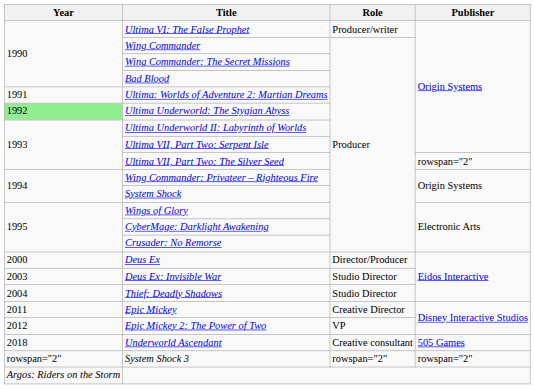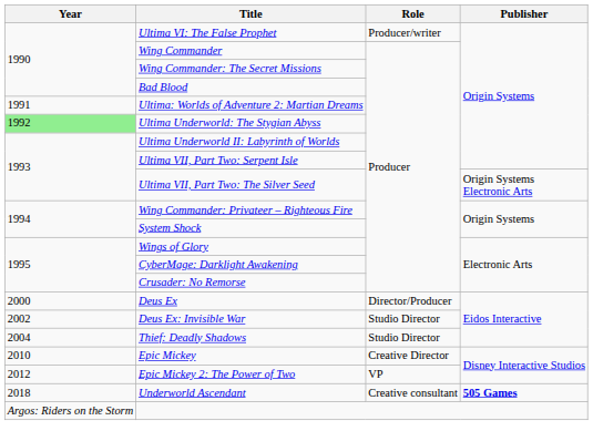 <table class="wikitable">
 <tr>
 <th>Year</th>
 <th>Title</th>
 <th>Role</th>
 <th>Publisher</th>
 </tr>
 <tr>
 <td rowspan="4">1990</td>
 <td><em><a href='#'>Ultima VI: The False Prophet</a></em></td>
 <td>Producer/writer</td>
 <td rowspan="8"><a href='#'>Origin Systems</a></td>
 </tr>
 <tr>
 <td><em><a href='#'>Wing Commander</a></em></td>
 <td rowspan="13">Producer</td>
 </tr>
 <tr>
 <td><em><a href='#'>Wing Commander: The Secret Missions</a></em></td>
 </tr>
 <tr>
 <td><em><a href='#'>Bad Blood</a></em></td>
 </tr>
 <tr>
 <td>1991</td>
 <td><em><a href='#'>Ultima: Worlds of Adventure 2: Martian Dreams</a></em></td>
 </tr>
 <tr>
 <td style="background: lightgreen;">1992</td>
 <td><em><a href='#'>Ultima Underworld: The Stygian Abyss</a></em></td>
 </tr>
 <tr>
 <td rowspan="3">1993</td>
 <td><em><a href='#'>Ultima Underworld II: Labyrinth of Worlds</a></em></td>
 </tr>
 <tr>
 <td><em><a href='#'>Ultima VII, Part Two: Serpent Isle</a></em></td>
 </tr>
 <tr>
 <td><em><a href='#'>Ultima VII, Part Two: The Silver Seed</a></em></td>
-<td>rowspan="2" </td>
+<td>Origin Systems<br><a href='#'>Electronic Arts</a></td>
 </tr>
 <tr>
 <td rowspan="2">1994</td>
 <td><em><a href='#'>Wing Commander: Privateer – Righteous Fire</a></em></td>
 <td rowspan="2">Origin Systems</td>
 </tr>
 <tr>
 <td><em><a href='#'>System Shock</a></em></td>
 </tr>
 <tr>
 <td rowspan="3">1995</td>
 <td><em><a href='#'>Wings of Glory</a></em></td>
 <td rowspan="3">Electronic Arts</td>
 </tr>
 <tr>
 <td><em><a href='#'>CyberMage: Darklight Awakening</a></em></td>
 </tr>
 <tr>
 <td><em><a href='#'>Crusader: No Remorse</a></em></td>
 </tr>
 <tr>
 <td>2000</td>
 <td><em><a href='#'>Deus Ex</a></em></td>
 <td>Director/Producer</td>
 <td rowspan="3"><a href='#'>Eidos Interactive</a></td>
 </tr>
 <tr>
-<td>2003</td>
+<td>2002</td>
 <td><em><a href='#'>Deus Ex: Invisible War</a></em></td>
 <td>Studio Director</td>
 </tr>
 <tr>
 <td>2004</td>
 <td><em><a href='#'>Thief: Deadly Shadows</a></em></td>
 <td>Studio Director</td>
 </tr>
 <tr>
-<td>2011</td>
+<td>2010</td>
 <td><em><a href='#'>Epic Mickey</a></em></td>
 <td>Creative Director</td>
 <td rowspan="2"><a href='#'>Disney Interactive Studios</a></td>
 </tr>
 <tr>
 <td>2012</td>
 <td><em><a href='#'>Epic Mickey 2: The Power of Two</a></em></td>
 <td>VP</td>
 </tr>
 <tr>
 <td>2018</td>
 <td><em><a href='#'>Underworld Ascendant</a></em></td>
 <td>Creative consultant</td>
-<td><a href='#'>505 Games</a></td>
-</tr>
-<tr>
-<td>rowspan="2" </td>
-<td><em>System Shock 3</em></td>
-<td>rowspan="2" </td>
-<td>rowspan="2" </td>
+<td><strong><a href='#'>505 Games</a></strong></td>
 </tr>
 <tr>
 <td><em>Argos: Riders on the Storm</em></td>
 </tr>
 </table>
